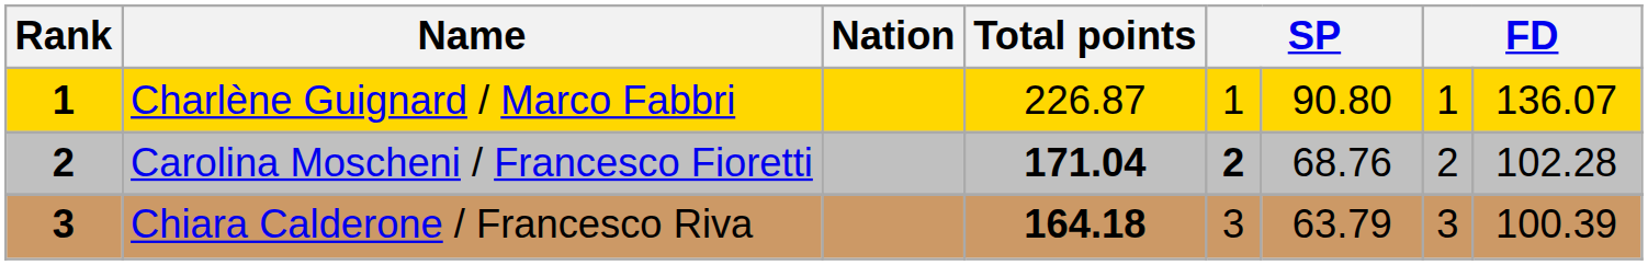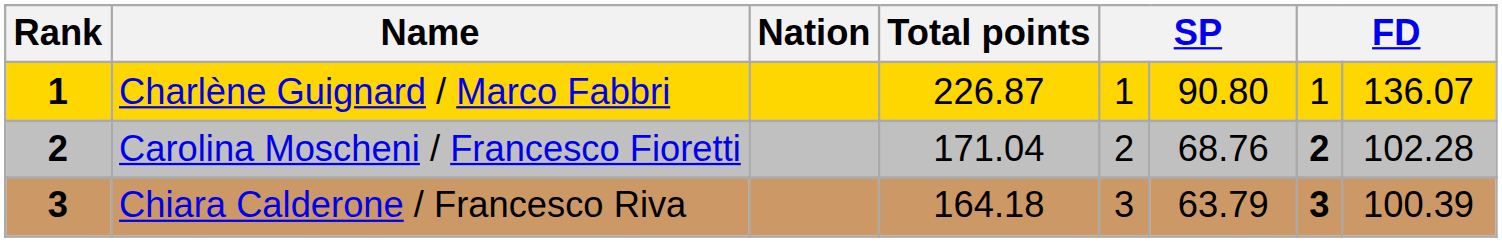 <table class="wikitable sortable">
 <tr>
 <th>Rank</th>
 <th>Name</th>
 <th>Nation</th>
 <th>Total points</th>
 <th colspan="2" width="80px"><a href='#'>SP</a></th>
 <th colspan="2" width="80px"><a href='#'>FD</a></th>
 </tr>
 <tr bgcolor="gold">
 <td align="center"><strong>1</strong></td>
 <td><a href='#'>Charlène Guignard</a> / <a href='#'>Marco Fabbri</a></td>
 <td></td>
 <td align="center">226.87</td>
 <td align="center">1</td>
 <td align="center">90.80</td>
 <td align="center">1</td>
 <td align="center">136.07</td>
 </tr>
 <tr>
 </tr>
 <tr bgcolor="silver">
 <td align="center"><strong>2</strong></td>
 <td><a href='#'>Carolina Moscheni</a> / <a href='#'>Francesco Fioretti</a></td>
 <td></td>
-<td align="center"><strong>171.04</strong></td>
+<td align="center">171.04</td>
+<td align="center">2</td>
+<td align="center">68.76</td>
 <td align="center"><strong>2</strong></td>
-<td align="center">68.76</td>
-<td align="center">2</td>
 <td align="center">102.28</td>
 </tr>
 <tr>
 </tr>
 <tr bgcolor="cc9966">
 <td align="center"><strong>3</strong></td>
 <td><a href='#'>Chiara Calderone</a> / Francesco Riva</td>
 <td></td>
-<td align="center"><strong>164.18</strong></td>
+<td align="center">164.18</td>
 <td align="center">3</td>
 <td align="center">63.79</td>
-<td align="center">3</td>
+<td align="center"><strong>3</strong></td>
 <td align="center">100.39</td>
 </tr>
 </table>
